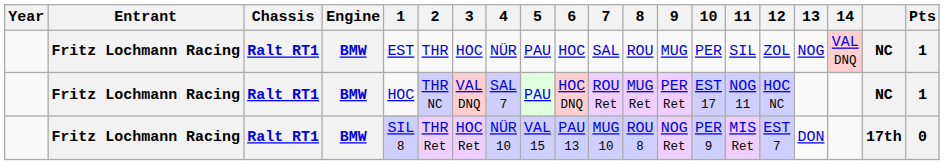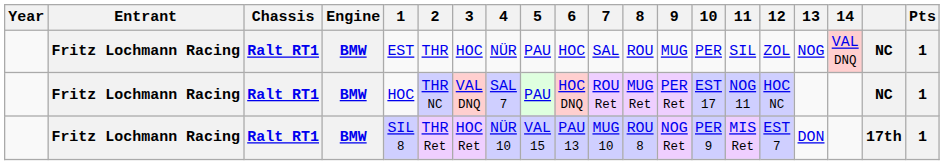 <table class="wikitable" style="text-align:center; font-size:90%">
 <tr>
 <th>Year</th>
 <th>Entrant</th>
 <th>Chassis</th>
 <th>Engine</th>
 <th>1</th>
 <th>2</th>
 <th>3</th>
 <th>4</th>
 <th>5</th>
 <th>6</th>
 <th>7</th>
 <th>8</th>
 <th>9</th>
 <th>10</th>
 <th>11</th>
 <th>12</th>
 <th>13</th>
 <th>14</th>
 <th></th>
 <th>Pts</th>
 </tr>
 <tr>
 <td></td>
 <th>Fritz Lochmann Racing</th>
 <th><a href='#'>Ralt RT1</a></th>
 <th><a href='#'>BMW</a></th>
 <td><a href='#'>EST</a></td>
 <td><a href='#'>THR</a></td>
 <td><a href='#'>HOC</a></td>
 <td><a href='#'>NÜR</a></td>
 <td><a href='#'>PAU</a></td>
 <td><a href='#'>HOC</a></td>
 <td><a href='#'>SAL</a></td>
 <td><a href='#'>ROU</a></td>
 <td><a href='#'>MUG</a></td>
 <td><a href='#'>PER</a></td>
 <td><a href='#'>SIL</a></td>
 <td><a href='#'>ZOL</a></td>
 <td><a href='#'>NOG</a></td>
 <td style="background:#FFCFCF;"><a href='#'>VAL</a><br><small>DNQ</small></td>
 <th>NC</th>
 <th>1</th>
 </tr>
 <tr>
 <td></td>
 <th>Fritz Lochmann Racing</th>
 <th><a href='#'>Ralt RT1</a></th>
 <th><a href='#'>BMW</a></th>
 <td><a href='#'>HOC</a></td>
 <td style="background:#CFCFFF;"><a href='#'>THR</a><br><small>NC</small></td>
 <td style="background:#FFCFCF;"><a href='#'>VAL</a><br><small>DNQ</small></td>
 <td style="background:#CFCFFF;"><a href='#'>SAL</a><br><small>7</small></td>
 <td style="background:#DFFFDF;"><a href='#'>PAU</a><br><small></small></td>
 <td style="background:#FFCFCF;"><a href='#'>HOC</a><br><small>DNQ</small></td>
 <td style="background:#EFCFFF;"><a href='#'>ROU</a><br><small>Ret</small></td>
 <td style="background:#EFCFFF;"><a href='#'>MUG</a><br><small>Ret</small></td>
 <td style="background:#EFCFFF;"><a href='#'>PER</a><br><small>Ret</small></td>
 <td style="background:#CFCFFF;"><a href='#'>EST</a><br><small>17</small></td>
 <td style="background:#CFCFFF;"><a href='#'>NOG</a><br><small>11</small></td>
 <td style="background:#CFCFFF;"><a href='#'>HOC</a><br><small>NC</small></td>
 <td></td>
 <td></td>
 <th>NC</th>
 <th>1</th>
 </tr>
 <tr>
 <td></td>
 <th>Fritz Lochmann Racing</th>
 <th><a href='#'>Ralt RT1</a></th>
 <th><a href='#'>BMW</a></th>
 <td style="background:#CFCFFF;"><a href='#'>SIL</a><br><small>8</small></td>
 <td style="background:#EFCFFF;"><a href='#'>THR</a><br><small>Ret</small></td>
 <td style="background:#EFCFFF;"><a href='#'>HOC</a><br><small>Ret</small></td>
 <td style="background:#CFCFFF;"><a href='#'>NÜR</a><br><small>10</small></td>
 <td style="background:#CFCFFF;"><a href='#'>VAL</a><br><small>15</small></td>
 <td style="background:#CFCFFF;"><a href='#'>PAU</a><br><small>13</small></td>
 <td style="background:#CFCFFF;"><a href='#'>MUG</a><br><small>10</small></td>
 <td style="background:#CFCFFF;"><a href='#'>ROU</a><br><small>8</small></td>
 <td style="background:#EFCFFF;"><a href='#'>NOG</a><br><small>Ret</small></td>
 <td style="background:#CFCFFF;"><a href='#'>PER</a><br><small>9</small></td>
 <td style="background:#EFCFFF;"><a href='#'>MIS</a><br><small>Ret</small></td>
 <td style="background:#CFCFFF;"><a href='#'>EST</a><br><small>7</small></td>
 <td><a href='#'>DON</a></td>
 <td></td>
 <th>17th</th>
-<th>0</th>
+<th>1</th>
 </tr>
 </table>
